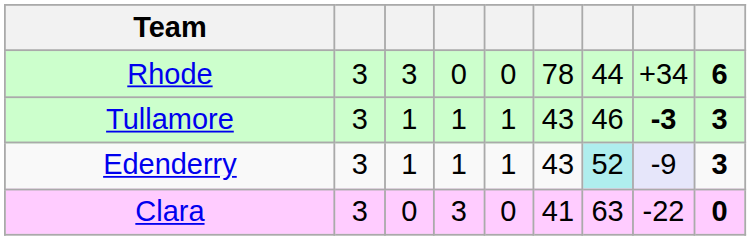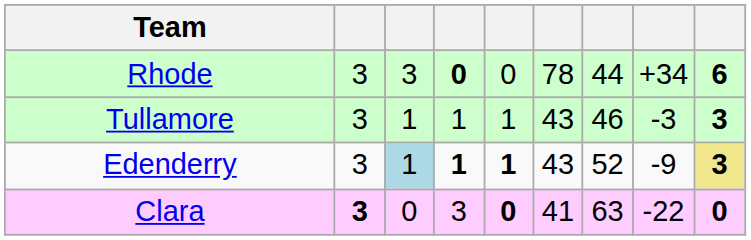 <table class="wikitable" style="text-align:center">
 <tr>
 <th style="width:175px;">Team</th>
 <th width="20"></th>
 <th width="20"></th>
 <th width="20"></th>
 <th width="20"></th>
 <th width="20"></th>
 <th width="20"></th>
 <th width="20"></th>
 <th width="20"></th>
 </tr>
 <tr style="background:#cfc;">
 <td><a href='#'>Rhode</a></td>
 <td>3</td>
 <td>3</td>
-<td>0</td>
+<td><strong>0</strong></td>
 <td>0</td>
 <td>78</td>
 <td>44</td>
 <td>+34</td>
 <td><strong>6</strong></td>
 </tr>
 <tr style="background:#cfc;">
 <td><a href='#'>Tullamore</a></td>
 <td>3</td>
 <td>1</td>
 <td>1</td>
 <td>1</td>
 <td>43</td>
 <td>46</td>
-<td><strong>-3</strong></td>
+<td>-3</td>
 <td><strong>3</strong></td>
 </tr>
 <tr>
 <td><a href='#'>Edenderry</a></td>
 <td>3</td>
-<td>1</td>
-<td>1</td>
-<td>1</td>
+<td style="background: lightblue;">1</td>
+<td><strong>1</strong></td>
+<td><strong>1</strong></td>
 <td>43</td>
-<td style="background: paleturquoise;">52</td>
-<td style="background: lavender;">-9</td>
-<td><strong>3</strong></td>
+<td>52</td>
+<td>-9</td>
+<td style="background: khaki;"><strong>3</strong></td>
 </tr>
 <tr style="background:#fcf;">
 <td><a href='#'>Clara</a></td>
-<td>3</td>
+<td><strong>3</strong></td>
 <td>0</td>
 <td>3</td>
-<td>0</td>
+<td><strong>0</strong></td>
 <td>41</td>
 <td>63</td>
 <td>-22</td>
 <td><strong>0</strong></td>
 </tr>
 </table>
